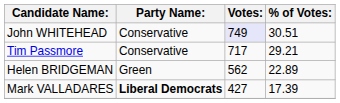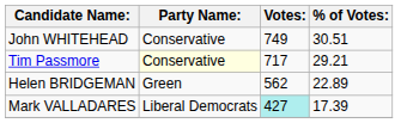 <table class="wikitable">
 <tr>
 <th>Candidate Name:</th>
 <th>Party Name:</th>
 <th>Votes:</th>
 <th>% of Votes:</th>
 </tr>
 <tr>
 <td>John WHITEHEAD</td>
 <td>Conservative</td>
-<td style="background: lavender;">749</td>
+<td>749</td>
 <td>30.51</td>
 </tr>
 <tr>
 <td><a href='#'>Tim Passmore</a></td>
-<td>Conservative</td>
+<td style="background: lightyellow;">Conservative</td>
 <td>717</td>
 <td>29.21</td>
 </tr>
 <tr>
 <td>Helen BRIDGEMAN</td>
 <td>Green</td>
 <td>562</td>
 <td>22.89</td>
 </tr>
 <tr>
 <td>Mark VALLADARES</td>
-<td><strong>Liberal Democrats</strong></td>
-<td>427</td>
+<td>Liberal Democrats</td>
+<td style="background: paleturquoise;">427</td>
 <td>17.39</td>
 </tr>
 <tr>
 </tr>
 </table>
